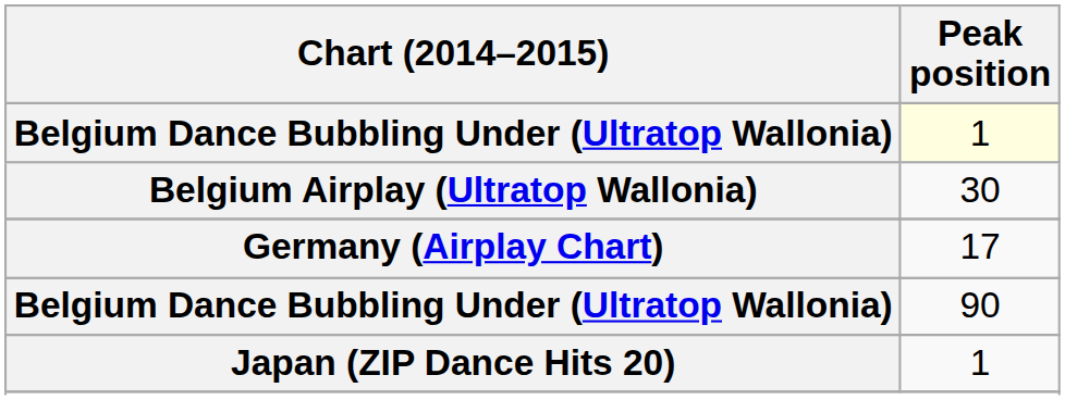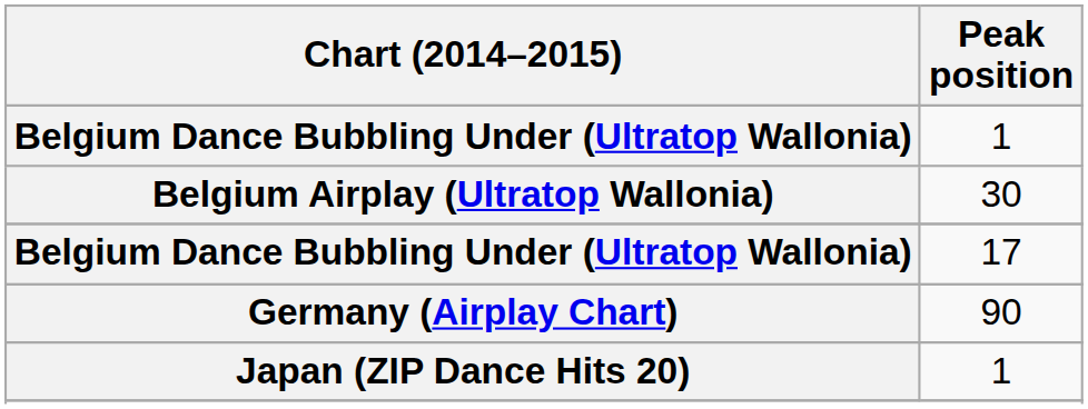 <table class="wikitable sortable plainrowheaders" style="text-align:center;">
 <tr>
 <th>Chart (2014–2015)</th>
 <th>Peak<br>position</th>
 </tr>
 <tr>
 </tr>
 <tr>
 </tr>
 <tr>
 <th scope="row">Belgium Dance Bubbling Under (<a href='#'>Ultratop</a> Wallonia)</th>
-<td style="background: lightyellow;">1</td>
+<td>1</td>
 </tr>
 <tr>
 <th scope="row">Belgium Airplay (<a href='#'>Ultratop</a> Wallonia)</th>
 <td>30</td>
 </tr>
 <tr>
 </tr>
 <tr>
 </tr>
 <tr>
-<th scope="row">Germany (<a href='#'>Airplay Chart</a>)</th>
+<th scope="row">Belgium Dance Bubbling Under (<a href='#'>Ultratop</a> Wallonia)</th>
 <td>17</td>
 </tr>
 <tr>
 </tr>
 <tr>
-<th scope="row">Belgium Dance Bubbling Under (<a href='#'>Ultratop</a> Wallonia)</th>
+<th scope="row">Germany (<a href='#'>Airplay Chart</a>)</th>
 <td>90</td>
 </tr>
 <tr>
 </tr>
 <tr>
 </tr>
 <tr>
 </tr>
 <tr>
 </tr>
 <tr>
 <th scope="row">Japan (ZIP Dance Hits 20)</th>
 <td>1</td>
 </tr>
 <tr>
 </tr>
 <tr>
 </tr>
 <tr>
 </tr>
 <tr>
 </tr>
 <tr>
 </tr>
 <tr>
 </tr>
 <tr>
 </tr>
 </table>
